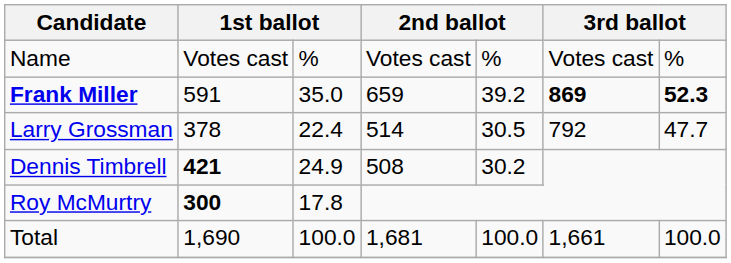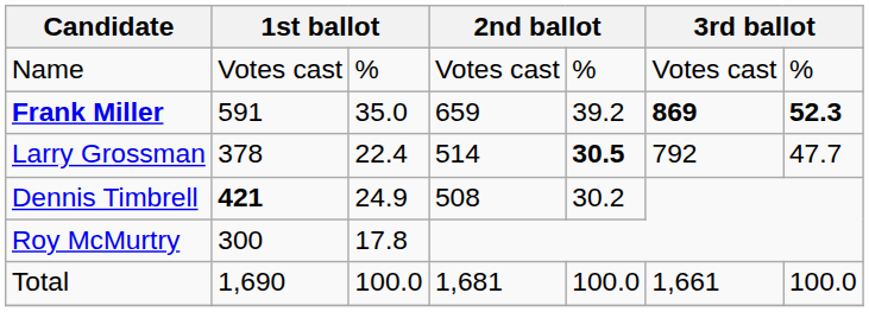 <table class="wikitable">
 <tr>
 <th colspan = "1">Candidate</th>
 <th colspan = "2">1st ballot</th>
 <th colspan = "2">2nd ballot</th>
 <th colspan = "2">3rd ballot</th>
 </tr>
 <tr>
 <td>Name</td>
 <td>Votes cast</td>
 <td>%</td>
 <td>Votes cast</td>
 <td>%</td>
 <td>Votes cast</td>
 <td>%</td>
 </tr>
 <tr>
 <td><strong><a href='#'>Frank Miller</a></strong></td>
 <td>591</td>
 <td>35.0</td>
 <td>659</td>
 <td>39.2</td>
 <td><strong>869</strong></td>
 <td><strong>52.3</strong></td>
 </tr>
 <tr>
 <td><a href='#'>Larry Grossman</a></td>
 <td>378</td>
 <td>22.4</td>
 <td>514</td>
-<td>30.5</td>
+<td><strong>30.5</strong></td>
 <td>792</td>
 <td>47.7</td>
 </tr>
 <tr>
 <td><a href='#'>Dennis Timbrell</a></td>
 <td><strong>421</strong></td>
 <td>24.9</td>
 <td>508</td>
 <td>30.2</td>
 </tr>
 <tr>
 <td><a href='#'>Roy McMurtry</a></td>
-<td><strong>300</strong></td>
+<td>300</td>
 <td>17.8</td>
 </tr>
 <tr>
 <td>Total</td>
 <td>1,690</td>
 <td>100.0</td>
 <td>1,681</td>
 <td>100.0</td>
 <td>1,661</td>
 <td>100.0</td>
 </tr>
 <tr>
 </tr>
 </table>
